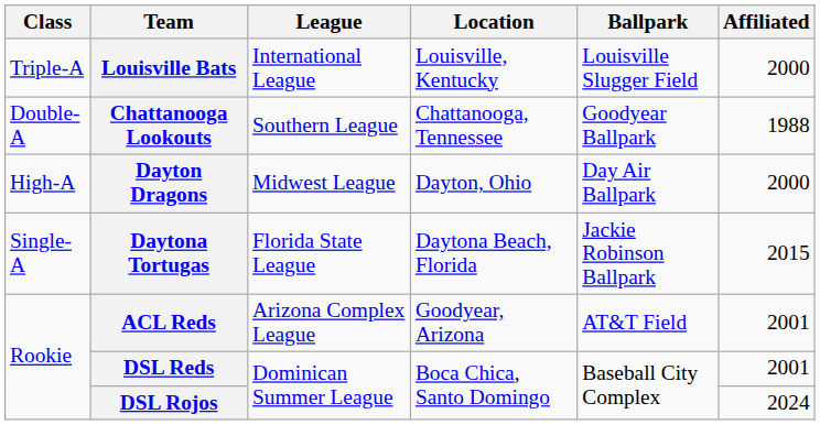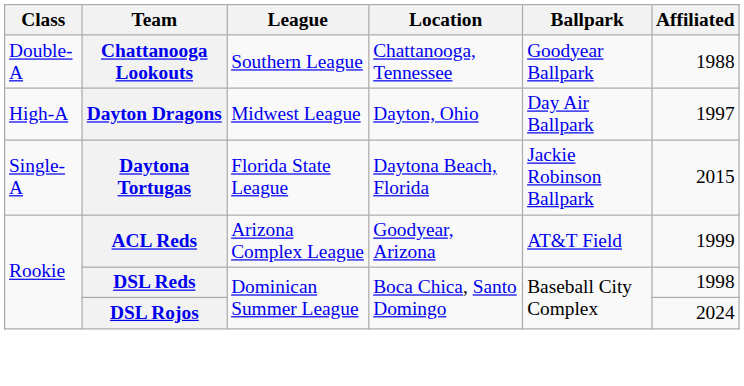 <table class="wikitable plainrowheaders sortable">
 <tr>
 <th scope="col">Class</th>
 <th scope="col">Team</th>
 <th scope="col">League</th>
 <th scope="col">Location</th>
 <th scope="col">Ballpark</th>
 <th scope="col">Affiliated</th>
-</tr>
-<tr>
-<td><a href='#'>Triple-A</a></td>
-<th scope="row"><a href='#'>Louisville Bats</a></th>
-<td><a href='#'>International League</a></td>
-<td><a href='#'>Louisville, Kentucky</a></td>
-<td><a href='#'>Louisville Slugger Field</a></td>
-<td align="right">2000</td>
 </tr>
 <tr>
 <td><a href='#'>Double-A</a></td>
 <th scope="row"><a href='#'>Chattanooga Lookouts</a></th>
 <td><a href='#'>Southern League</a></td>
 <td><a href='#'>Chattanooga, Tennessee</a></td>
 <td><a href='#'>Goodyear Ballpark</a></td>
 <td align="right">1988</td>
 </tr>
 <tr>
 <td><a href='#'>High-A</a></td>
 <th scope="row"><a href='#'>Dayton Dragons</a></th>
 <td><a href='#'>Midwest League</a></td>
 <td><a href='#'>Dayton, Ohio</a></td>
 <td><a href='#'>Day Air Ballpark</a></td>
-<td align="right">2000</td>
+<td align="right">1997</td>
 </tr>
 <tr>
 <td><a href='#'>Single-A</a></td>
 <th scope="row"><a href='#'>Daytona Tortugas</a></th>
 <td><a href='#'>Florida State League</a></td>
 <td><a href='#'>Daytona Beach, Florida</a></td>
 <td><a href='#'>Jackie Robinson Ballpark</a></td>
 <td align="right">2015</td>
 </tr>
 <tr>
 <td rowspan=3><a href='#'>Rookie</a></td>
 <th scope="row"><a href='#'>ACL Reds</a></th>
 <td><a href='#'>Arizona Complex League</a></td>
 <td><a href='#'>Goodyear, Arizona</a></td>
 <td><a href='#'>AT&T Field</a></td>
-<td align="right">2001</td>
+<td align="right">1999</td>
 </tr>
 <tr>
 <th scope="row"><a href='#'>DSL Reds</a></th>
 <td rowspan=2><a href='#'>Dominican Summer League</a></td>
 <td rowspan=2><a href='#'>Boca Chica</a>, <a href='#'>Santo Domingo</a></td>
 <td rowspan=2>Baseball City Complex</td>
-<td align="right">2001</td>
+<td align="right">1998</td>
 </tr>
 <tr>
 <th scope="row"><a href='#'>DSL Rojos</a></th>
 <td align="right">2024</td>
 </tr>
 </table>
